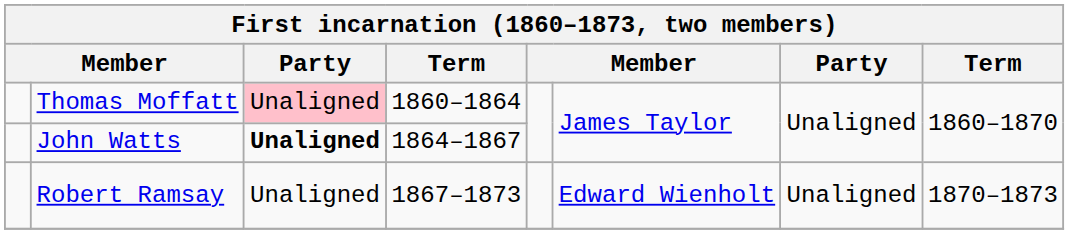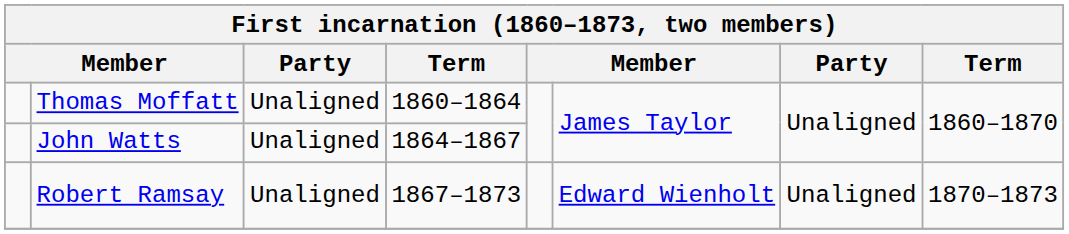 <table class="wikitable">
 <tr>
 <th colspan="8">First incarnation (1860–1873, two members)</th>
 </tr>
 <tr>
 <th colspan="2">Member</th>
 <th>Party</th>
 <th>Term</th>
 <th colspan="2">Member</th>
 <th>Party</th>
 <th>Term</th>
 </tr>
 <tr>
 <td> </td>
 <td><a href='#'>Thomas Moffatt</a></td>
-<td style="background: pink;">Unaligned</td>
+<td>Unaligned</td>
 <td>1860–1864</td>
 <td rowspan="3" > </td>
 <td rowspan="3"><a href='#'>James Taylor</a></td>
 <td rowspan="3">Unaligned</td>
 <td rowspan="3">1860–1870</td>
 </tr>
 <tr>
 <td> </td>
 <td><a href='#'>John Watts</a></td>
-<td><strong>Unaligned</strong></td>
+<td>Unaligned</td>
 <td>1864–1867</td>
 </tr>
 <tr>
 <td rowspan="2" > <br> </td>
 <td rowspan="2"><a href='#'>Robert Ramsay</a></td>
 <td rowspan="2">Unaligned</td>
 <td rowspan="2">1867–1873</td>
 </tr>
 <tr>
 <td> </td>
 <td><a href='#'>Edward Wienholt</a></td>
 <td>Unaligned</td>
 <td>1870–1873</td>
 </tr>
 <tr>
 </tr>
 </table>
